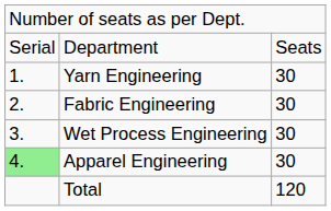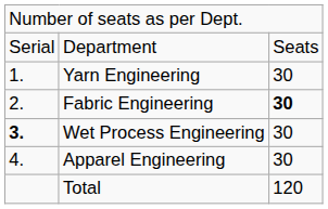 <table class="wikitable">
 <tr>
 <td colspan="3">Number of seats as per Dept.</td>
 </tr>
 <tr>
 <td>Serial</td>
 <td>Department</td>
 <td>Seats</td>
 </tr>
 <tr>
 <td>1.</td>
 <td>Yarn  Engineering</td>
 <td>30</td>
 </tr>
 <tr>
 <td>2.</td>
 <td>Fabric  Engineering</td>
-<td>30</td>
+<td><strong>30</strong></td>
 </tr>
 <tr>
-<td>3.</td>
+<td><strong>3.</strong></td>
 <td>Wet  Process Engineering</td>
 <td>30</td>
 </tr>
 <tr>
-<td style="background: lightgreen;">4.</td>
+<td>4.</td>
 <td>Apparel  Engineering</td>
 <td>30</td>
 </tr>
 <tr>
 <td></td>
 <td>Total</td>
 <td>120</td>
 </tr>
 </table>
